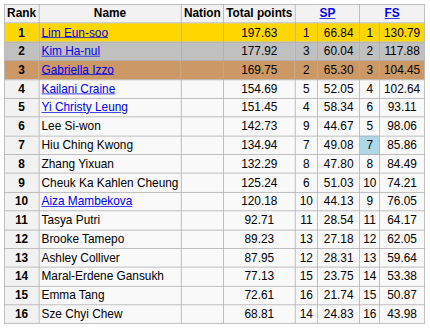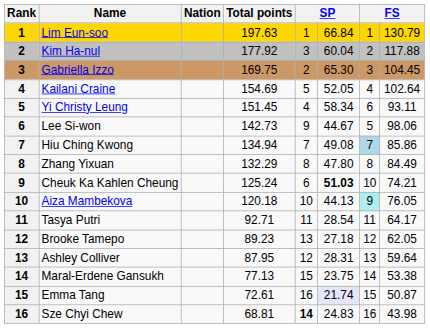 <table class="wikitable sortable">
 <tr>
 <th>Rank</th>
 <th>Name</th>
 <th>Nation</th>
 <th>Total points</th>
 <th colspan="2" width="80px"><a href='#'>SP</a></th>
 <th colspan="2" width="80px"><a href='#'>FS</a></th>
 </tr>
 <tr bgcolor="gold">
 <td align="center"><strong>1</strong></td>
 <td><a href='#'>Lim Eun-soo</a></td>
 <td></td>
 <td align="center">197.63</td>
 <td align="center">1</td>
 <td align="center">66.84</td>
 <td align="center">1</td>
 <td align="center">130.79</td>
 </tr>
 <tr bgcolor="silver">
 <td align="center"><strong>2</strong></td>
 <td><a href='#'>Kim Ha-nul</a></td>
 <td></td>
 <td align="center">177.92</td>
 <td align="center">3</td>
 <td align="center">60.04</td>
 <td align="center">2</td>
 <td align="center">117.88</td>
 </tr>
 <tr bgcolor="cc9966">
 <td align="center"><strong>3</strong></td>
 <td><a href='#'>Gabriella Izzo</a></td>
 <td></td>
 <td align="center">169.75</td>
 <td align="center">2</td>
 <td align="center">65.30</td>
 <td align="center">3</td>
 <td align="center">104.45</td>
 </tr>
 <tr>
 <th>4</th>
 <td><a href='#'>Kailani Craine</a></td>
 <td></td>
 <td align="center">154.69</td>
 <td align="center">5</td>
 <td align="center">52.05</td>
 <td align="center">4</td>
 <td align="center">102.64</td>
 </tr>
 <tr>
 <th>5</th>
 <td><a href='#'>Yi Christy Leung</a></td>
 <td></td>
 <td align="center">151.45</td>
 <td align="center">4</td>
 <td align="center">58.34</td>
 <td align="center">6</td>
 <td align="center">93.11</td>
 </tr>
 <tr>
 <th>6</th>
 <td>Lee Si-won</td>
 <td></td>
 <td align="center">142.73</td>
 <td align="center">9</td>
 <td align="center">44.67</td>
 <td align="center">5</td>
 <td align="center">98.06</td>
 </tr>
 <tr>
 <th>7</th>
 <td>Hiu Ching Kwong</td>
 <td></td>
 <td align="center">134.94</td>
 <td align="center">7</td>
 <td align="center">49.08</td>
 <td align="center" style="background: lightblue;">7</td>
 <td align="center">85.86</td>
 </tr>
 <tr>
 <th>8</th>
 <td>Zhang Yixuan</td>
 <td></td>
 <td align="center">132.29</td>
 <td align="center">8</td>
 <td align="center">47.80</td>
 <td align="center">8</td>
 <td align="center">84.49</td>
 </tr>
 <tr>
 <th>9</th>
 <td>Cheuk Ka Kahlen Cheung</td>
 <td></td>
 <td align="center">125.24</td>
 <td align="center">6</td>
-<td align="center">51.03</td>
+<td align="center"><strong>51.03</strong></td>
 <td align="center">10</td>
 <td align="center">74.21</td>
 </tr>
 <tr>
 <th>10</th>
 <td><a href='#'>Aiza Mambekova</a></td>
 <td></td>
 <td align="center">120.18</td>
 <td align="center">10</td>
 <td align="center">44.13</td>
-<td align="center">9</td>
+<td align="center" style="background: paleturquoise;">9</td>
 <td align="center">76.05</td>
 </tr>
 <tr>
 <th>11</th>
 <td>Tasya Putri</td>
 <td></td>
 <td align="center">92.71</td>
 <td align="center">11</td>
 <td align="center">28.54</td>
 <td align="center">11</td>
 <td align="center">64.17</td>
 </tr>
 <tr>
 <th>12</th>
 <td>Brooke Tamepo</td>
 <td></td>
 <td align="center">89.23</td>
 <td align="center">13</td>
 <td align="center">27.18</td>
 <td align="center">12</td>
 <td align="center">62.05</td>
 </tr>
 <tr>
 <th>13</th>
 <td>Ashley Colliver</td>
 <td></td>
 <td align="center">87.95</td>
 <td align="center">12</td>
 <td align="center">28.31</td>
 <td align="center">13</td>
 <td align="center">59.64</td>
 </tr>
 <tr>
 <th>14</th>
 <td>Maral-Erdene Gansukh</td>
 <td></td>
 <td align="center">77.13</td>
 <td align="center">15</td>
 <td align="center">23.75</td>
 <td align="center">14</td>
 <td align="center">53.38</td>
 </tr>
 <tr>
 <th>15</th>
 <td>Emma Tang</td>
 <td></td>
 <td align="center">72.61</td>
 <td align="center">16</td>
-<td align="center">21.74</td>
+<td align="center" style="background: lavender;">21.74</td>
 <td align="center">15</td>
 <td align="center">50.87</td>
 </tr>
 <tr>
 <th>16</th>
 <td>Sze Chyi Chew</td>
 <td></td>
 <td align="center">68.81</td>
-<td align="center">14</td>
+<td align="center"><strong>14</strong></td>
 <td align="center">24.83</td>
 <td align="center">16</td>
 <td align="center">43.98</td>
 </tr>
 </table>
